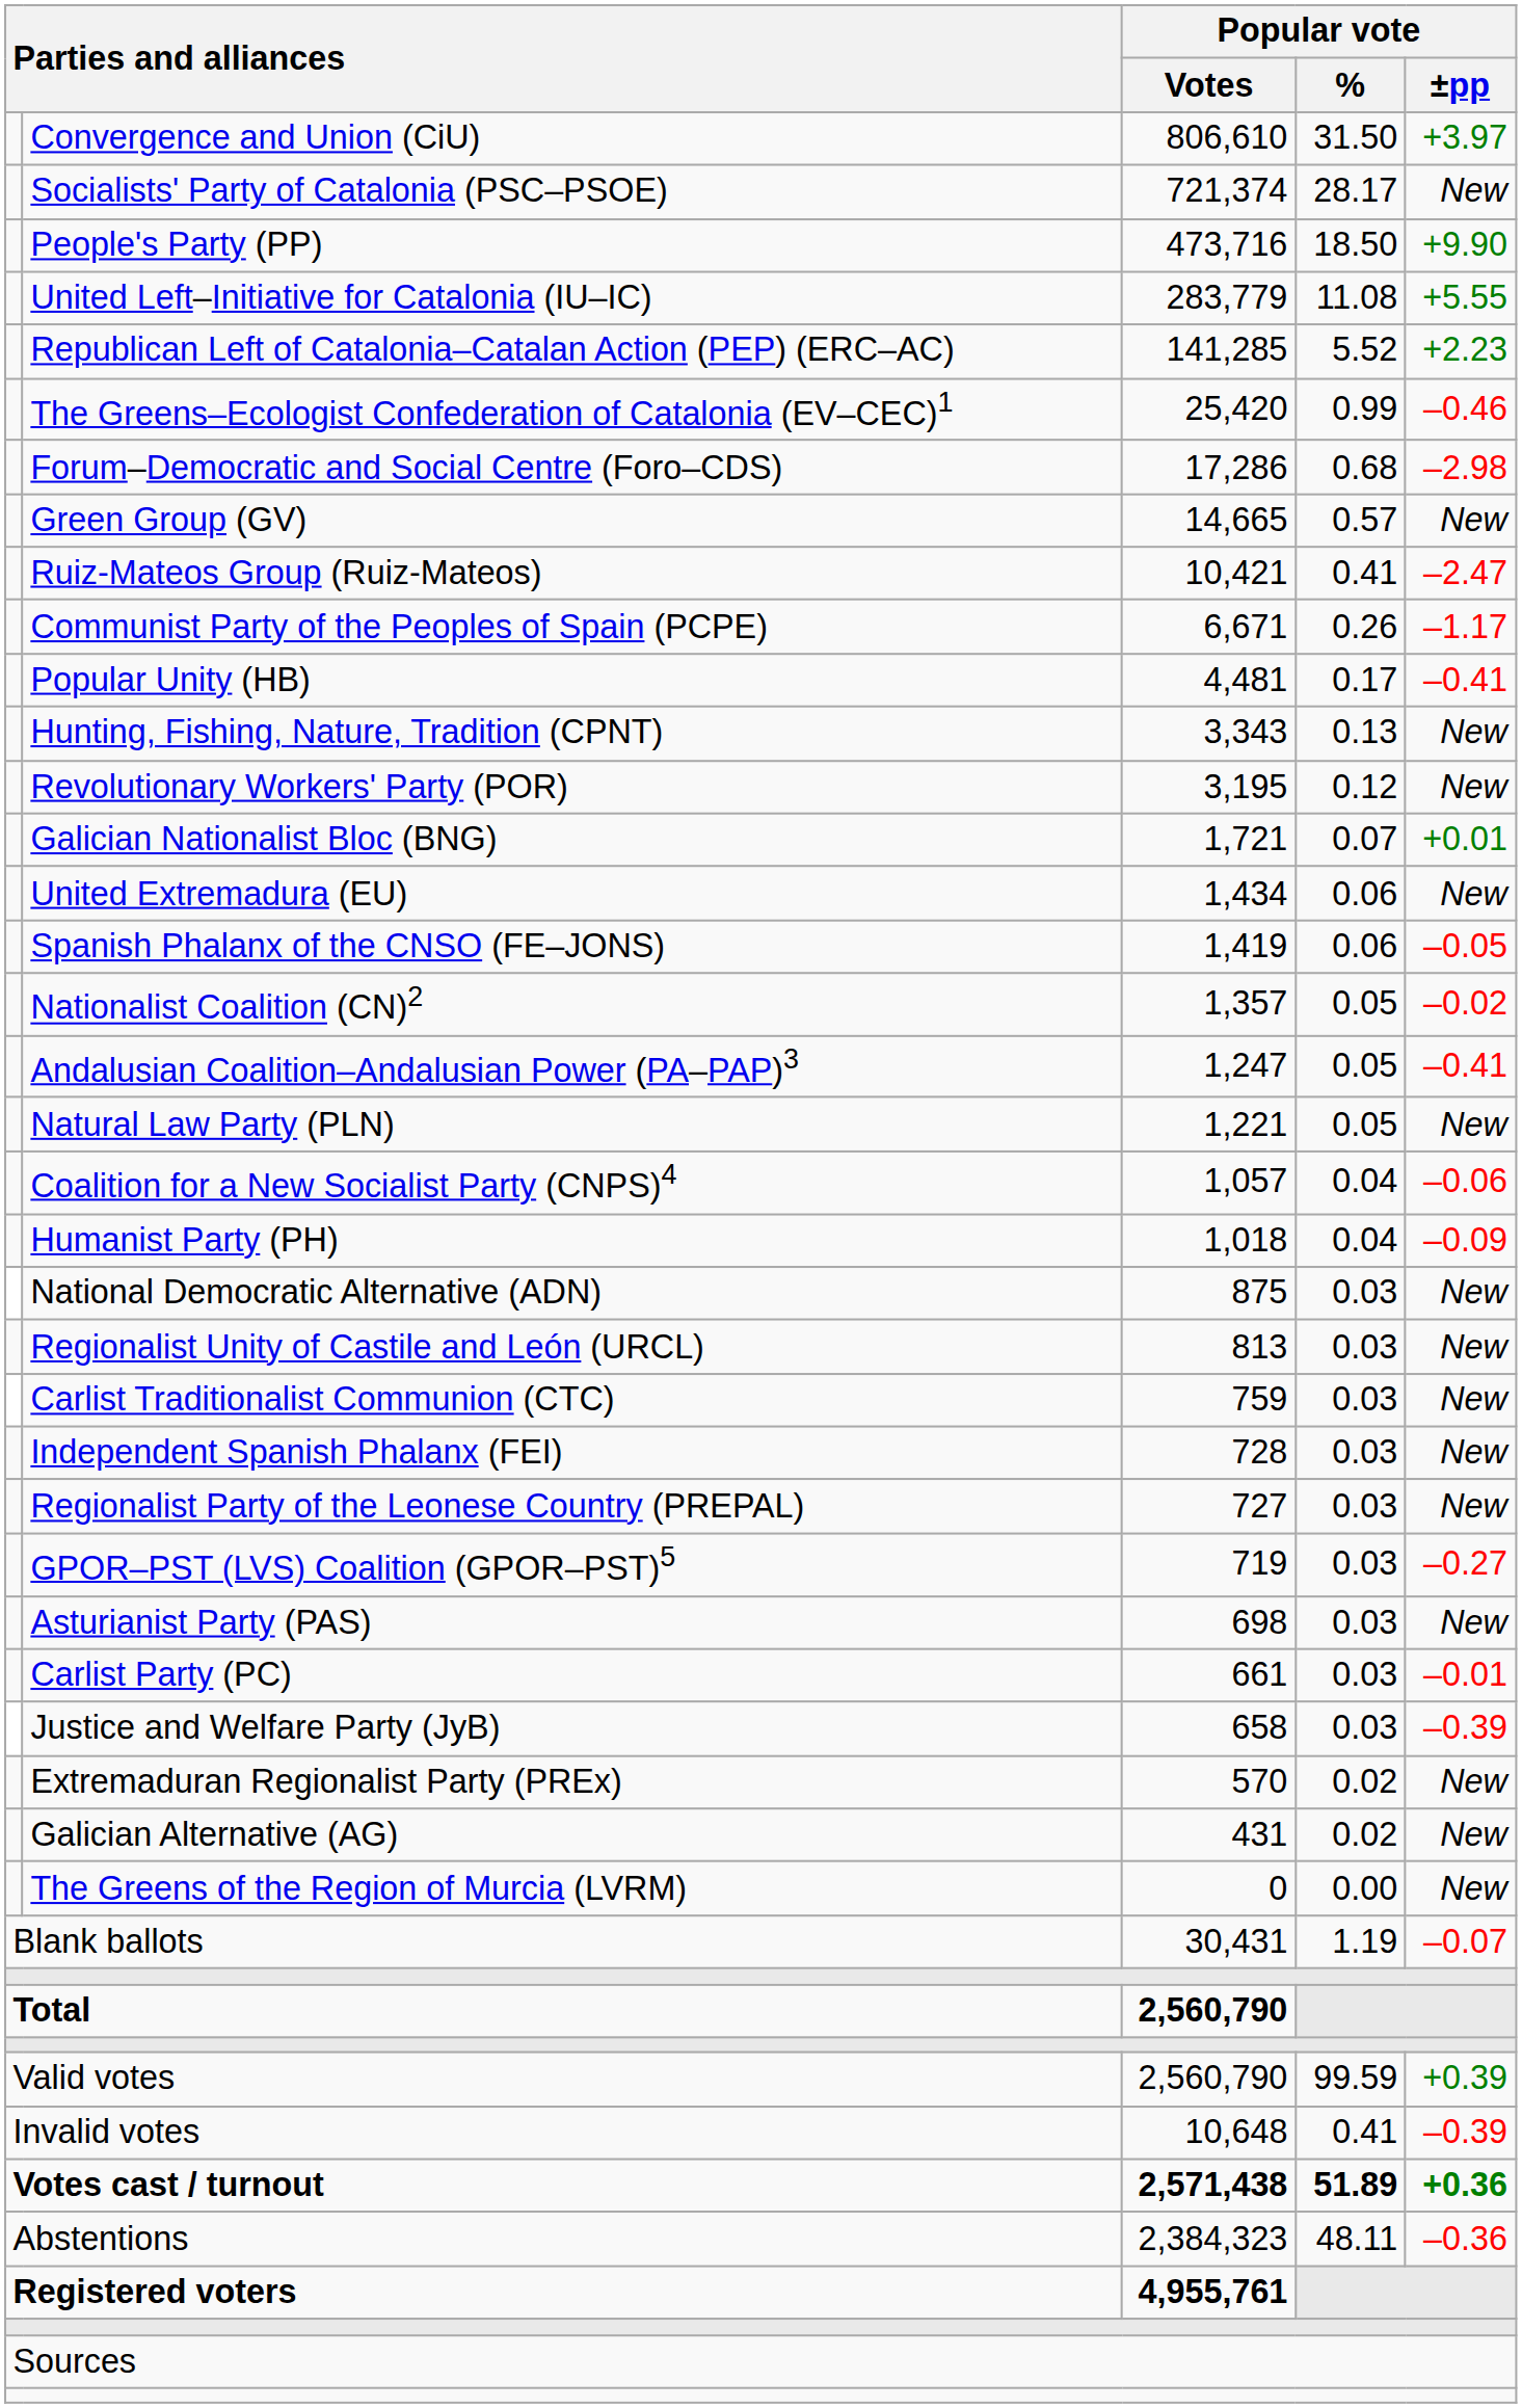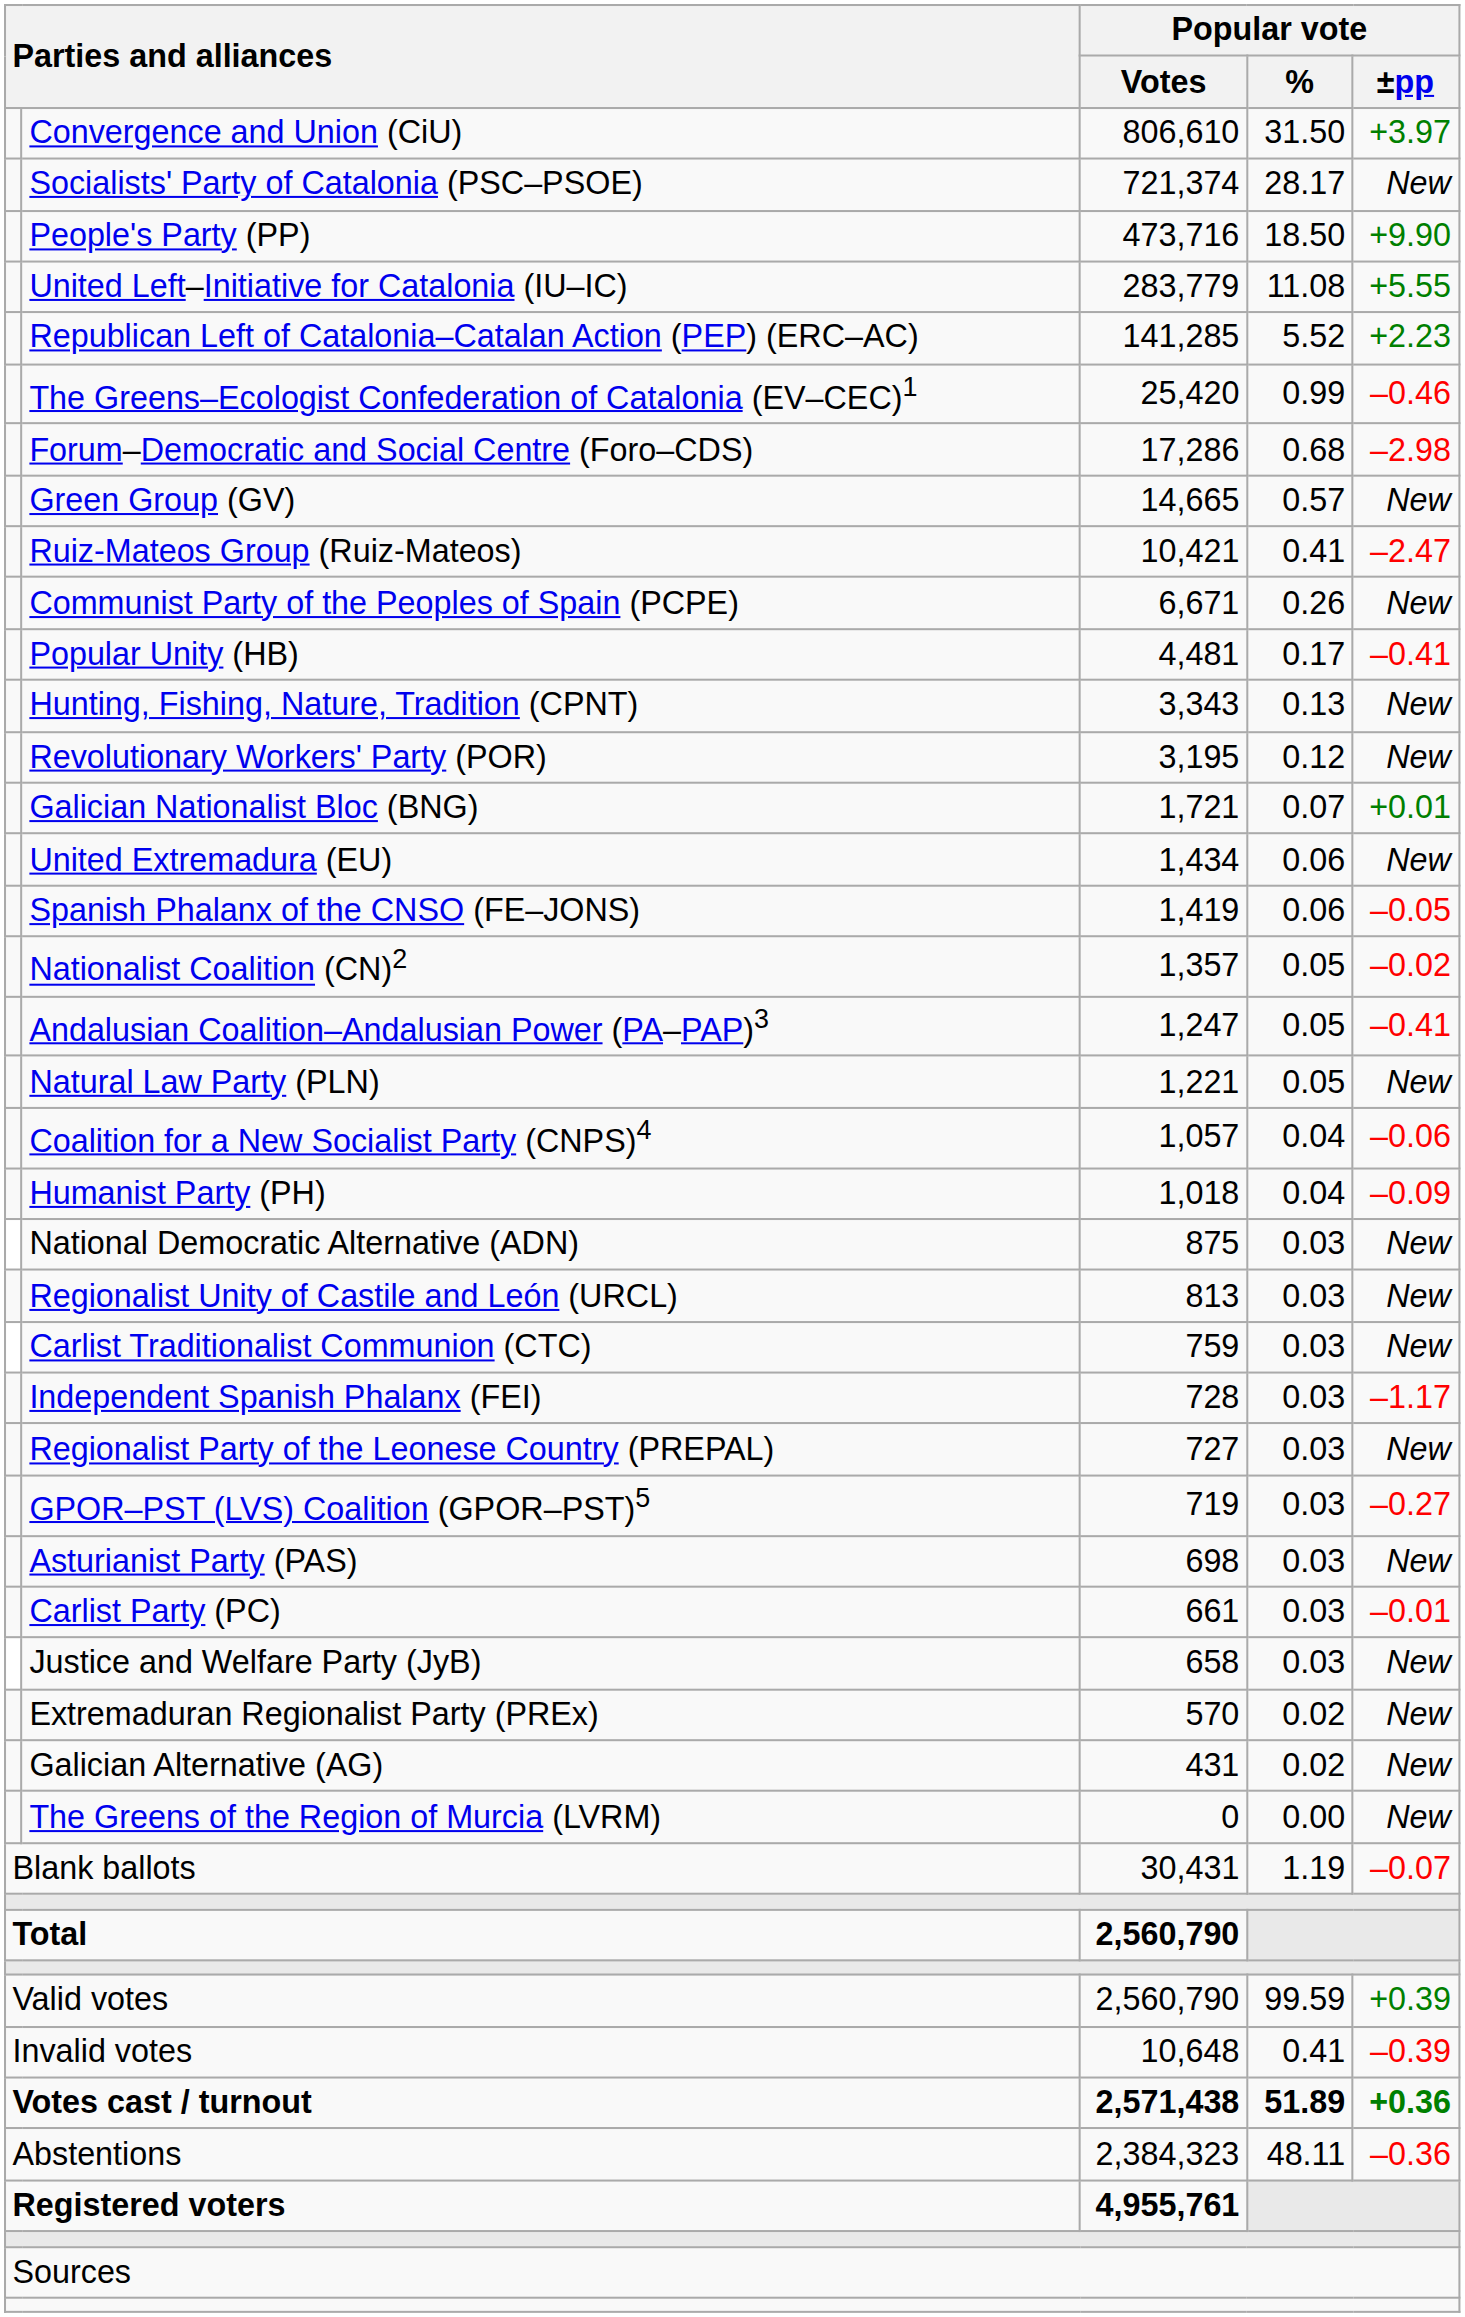 <table class="wikitable" style="text-align:right">
 <tr>
 <th style="text-align:left;" rowspan="2" colspan="2" width="525">Parties and alliances</th>
 <th colspan="3">Popular vote</th>
 </tr>
 <tr>
 <th width="75">Votes</th>
 <th width="45">%</th>
 <th width="45">±<a href='#'>pp</a></th>
 </tr>
 <tr>
 <td width="1" style="color:inherit;background:"></td>
 <td align="left"><a href='#'>Convergence and Union</a> (CiU)</td>
 <td>806,610</td>
 <td>31.50</td>
 <td style="color:green;">+3.97</td>
 </tr>
 <tr>
 <td style="color:inherit;background:"></td>
 <td align="left"><a href='#'>Socialists' Party of Catalonia</a> (PSC–PSOE)</td>
 <td>721,374</td>
 <td>28.17</td>
 <td><em>New</em></td>
 </tr>
 <tr>
 <td style="color:inherit;background:"></td>
 <td align="left"><a href='#'>People's Party</a> (PP)</td>
 <td>473,716</td>
 <td>18.50</td>
 <td style="color:green;">+9.90</td>
 </tr>
 <tr>
 <td style="color:inherit;background:"></td>
 <td align="left"><a href='#'>United Left</a>–<a href='#'>Initiative for Catalonia</a> (IU–IC)</td>
 <td>283,779</td>
 <td>11.08</td>
 <td style="color:green;">+5.55</td>
 </tr>
 <tr>
 <td style="color:inherit;background:"></td>
 <td align="left"><a href='#'>Republican Left of Catalonia–Catalan Action</a> (<a href='#'>PEP</a>) (ERC–AC)</td>
 <td>141,285</td>
 <td>5.52</td>
 <td style="color:green;">+2.23</td>
 </tr>
 <tr>
 <td style="color:inherit;background:"></td>
 <td align="left"><a href='#'>The Greens–Ecologist Confederation of Catalonia</a> (EV–CEC)<sup>1</sup></td>
 <td>25,420</td>
 <td>0.99</td>
 <td style="color:red;">–0.46</td>
 </tr>
 <tr>
 <td style="color:inherit;background:"></td>
 <td align="left"><a href='#'>Forum</a>–<a href='#'>Democratic and Social Centre</a> (Foro–CDS)</td>
 <td>17,286</td>
 <td>0.68</td>
 <td style="color:red;">–2.98</td>
 </tr>
 <tr>
 <td style="color:inherit;background:"></td>
 <td align="left"><a href='#'>Green Group</a> (GV)</td>
 <td>14,665</td>
 <td>0.57</td>
 <td><em>New</em></td>
 </tr>
 <tr>
 <td style="color:inherit;background:"></td>
 <td align="left"><a href='#'>Ruiz-Mateos Group</a> (Ruiz-Mateos)</td>
 <td>10,421</td>
 <td>0.41</td>
 <td style="color:red;">–2.47</td>
 </tr>
 <tr>
 <td style="color:inherit;background:"></td>
 <td align="left"><a href='#'>Communist Party of the Peoples of Spain</a> (PCPE)</td>
 <td>6,671</td>
 <td>0.26</td>
-<td style="color:red;">–1.17</td>
+<td><em>New</em></td>
 </tr>
 <tr>
 <td style="color:inherit;background:"></td>
 <td align="left"><a href='#'>Popular Unity</a> (HB)</td>
 <td>4,481</td>
 <td>0.17</td>
 <td style="color:red;">–0.41</td>
 </tr>
 <tr>
 <td style="color:inherit;background:"></td>
 <td align="left"><a href='#'>Hunting, Fishing, Nature, Tradition</a> (CPNT)</td>
 <td>3,343</td>
 <td>0.13</td>
 <td><em>New</em></td>
 </tr>
 <tr>
 <td style="color:inherit;background:"></td>
 <td align="left"><a href='#'>Revolutionary Workers' Party</a> (POR)</td>
 <td>3,195</td>
 <td>0.12</td>
 <td><em>New</em></td>
 </tr>
 <tr>
 <td style="color:inherit;background:"></td>
 <td align="left"><a href='#'>Galician Nationalist Bloc</a> (BNG)</td>
 <td>1,721</td>
 <td>0.07</td>
 <td style="color:green;">+0.01</td>
 </tr>
 <tr>
 <td style="color:inherit;background:"></td>
 <td align="left"><a href='#'>United Extremadura</a> (EU)</td>
 <td>1,434</td>
 <td>0.06</td>
 <td><em>New</em></td>
 </tr>
 <tr>
 <td style="color:inherit;background:"></td>
 <td align="left"><a href='#'>Spanish Phalanx of the CNSO</a> (FE–JONS)</td>
 <td>1,419</td>
 <td>0.06</td>
 <td style="color:red;">–0.05</td>
 </tr>
 <tr>
 <td style="color:inherit;background:"></td>
 <td align="left"><a href='#'>Nationalist Coalition</a> (CN)<sup>2</sup></td>
 <td>1,357</td>
 <td>0.05</td>
 <td style="color:red;">–0.02</td>
 </tr>
 <tr>
 <td style="color:inherit;background:"></td>
 <td align="left"><a href='#'>Andalusian Coalition–Andalusian Power</a> (<a href='#'>PA</a>–<a href='#'>PAP</a>)<sup>3</sup></td>
 <td>1,247</td>
 <td>0.05</td>
 <td style="color:red;">–0.41</td>
 </tr>
 <tr>
 <td style="color:inherit;background:"></td>
 <td align="left"><a href='#'>Natural Law Party</a> (PLN)</td>
 <td>1,221</td>
 <td>0.05</td>
 <td><em>New</em></td>
 </tr>
 <tr>
 <td style="color:inherit;background:"></td>
 <td align="left"><a href='#'>Coalition for a New Socialist Party</a> (CNPS)<sup>4</sup></td>
 <td>1,057</td>
 <td>0.04</td>
 <td style="color:red;">–0.06</td>
 </tr>
 <tr>
 <td style="color:inherit;background:"></td>
 <td align="left"><a href='#'>Humanist Party</a> (PH)</td>
 <td>1,018</td>
 <td>0.04</td>
 <td style="color:red;">–0.09</td>
 </tr>
 <tr>
 <td bgcolor="white"></td>
 <td align="left">National Democratic Alternative (ADN)</td>
 <td>875</td>
 <td>0.03</td>
 <td><em>New</em></td>
 </tr>
 <tr>
 <td style="color:inherit;background:"></td>
 <td align="left"><a href='#'>Regionalist Unity of Castile and León</a> (URCL)</td>
 <td>813</td>
 <td>0.03</td>
 <td><em>New</em></td>
 </tr>
 <tr>
 <td bgcolor="white"></td>
 <td align="left"><a href='#'>Carlist Traditionalist Communion</a> (CTC)</td>
 <td>759</td>
 <td>0.03</td>
 <td><em>New</em></td>
 </tr>
 <tr>
 <td style="color:inherit;background:"></td>
 <td align="left"><a href='#'>Independent Spanish Phalanx</a> (FEI)</td>
 <td>728</td>
 <td>0.03</td>
-<td><em>New</em></td>
+<td style="color:red;">–1.17</td>
 </tr>
 <tr>
 <td style="color:inherit;background:"></td>
 <td align="left"><a href='#'>Regionalist Party of the Leonese Country</a> (PREPAL)</td>
 <td>727</td>
 <td>0.03</td>
 <td><em>New</em></td>
 </tr>
 <tr>
 <td style="color:inherit;background:"></td>
 <td align="left"><a href='#'>GPOR–PST (LVS) Coalition</a> (GPOR–PST)<sup>5</sup></td>
 <td>719</td>
 <td>0.03</td>
 <td style="color:red;">–0.27</td>
 </tr>
 <tr>
 <td style="color:inherit;background:"></td>
 <td align="left"><a href='#'>Asturianist Party</a> (PAS)</td>
 <td>698</td>
 <td>0.03</td>
 <td><em>New</em></td>
 </tr>
 <tr>
 <td style="color:inherit;background:"></td>
 <td align="left"><a href='#'>Carlist Party</a> (PC)</td>
 <td>661</td>
 <td>0.03</td>
 <td style="color:red;">–0.01</td>
 </tr>
 <tr>
 <td bgcolor="white"></td>
 <td align="left">Justice and Welfare Party (JyB)</td>
 <td>658</td>
 <td>0.03</td>
-<td style="color:red;">–0.39</td>
+<td><em>New</em></td>
 </tr>
 <tr>
 <td style="color:inherit;background:"></td>
 <td align="left">Extremaduran Regionalist Party (PREx)</td>
 <td>570</td>
 <td>0.02</td>
 <td><em>New</em></td>
 </tr>
 <tr>
 <td style="color:inherit;background:"></td>
 <td align="left">Galician Alternative (AG)</td>
 <td>431</td>
 <td>0.02</td>
 <td><em>New</em></td>
 </tr>
 <tr>
 <td style="color:inherit;background:"></td>
 <td align="left"><a href='#'>The Greens of the Region of Murcia</a> (LVRM)</td>
 <td>0</td>
 <td>0.00</td>
 <td><em>New</em></td>
 </tr>
 <tr>
 <td align="left" colspan="2">Blank ballots</td>
 <td>30,431</td>
 <td>1.19</td>
 <td style="color:red;">–0.07</td>
 </tr>
 <tr>
 <td colspan="5" bgcolor="#E9E9E9"></td>
 </tr>
 <tr style="font-weight:bold;">
 <td align="left" colspan="2">Total</td>
 <td>2,560,790</td>
 <td bgcolor="#E9E9E9" colspan="2"></td>
 </tr>
 <tr>
 <td colspan="5" bgcolor="#E9E9E9"></td>
 </tr>
 <tr>
 <td align="left" colspan="2">Valid votes</td>
 <td>2,560,790</td>
 <td>99.59</td>
 <td style="color:green;">+0.39</td>
 </tr>
 <tr>
 <td align="left" colspan="2">Invalid votes</td>
 <td>10,648</td>
 <td>0.41</td>
 <td style="color:red;">–0.39</td>
 </tr>
 <tr style="font-weight:bold;">
 <td align="left" colspan="2">Votes cast / turnout</td>
 <td>2,571,438</td>
 <td>51.89</td>
 <td style="color:green;">+0.36</td>
 </tr>
 <tr>
 <td align="left" colspan="2">Abstentions</td>
 <td>2,384,323</td>
 <td>48.11</td>
 <td style="color:red;">–0.36</td>
 </tr>
 <tr style="font-weight:bold;">
 <td align="left" colspan="2">Registered voters</td>
 <td>4,955,761</td>
 <td bgcolor="#E9E9E9" colspan="2"></td>
 </tr>
 <tr>
 <td colspan="5" bgcolor="#E9E9E9"></td>
 </tr>
 <tr>
 <td align="left" colspan="5">Sources</td>
 </tr>
 <tr>
 <td colspan="5" style="text-align:left; max-width:680px;"></td>
 </tr>
 </table>
